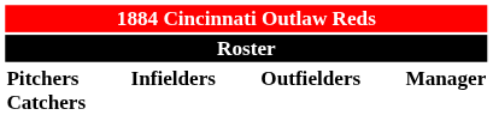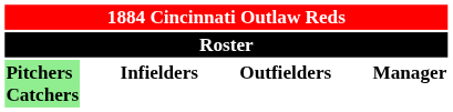 <table class="toccolours" style="font-size: 95%;">
 <tr>
 <th colspan="10" style="background-color: red; color: white; text-align: center;">1884 Cincinnati Outlaw Reds</th>
 </tr>
 <tr>
 <td colspan="10" style="background-color: black; color: white; text-align: center;"><strong>Roster</strong></td>
 </tr>
 <tr>
-<td valign="top"><strong>Pitchers</strong><br>  <strong>Catchers</strong>     </td>
+<td valign="top" style="background: lightgreen;"><strong>Pitchers</strong><br>  <strong>Catchers</strong>     </td>
 <td width="25px"></td>
 <td valign="top"><strong>Infielders</strong><br>         </td>
 <td width="25px"></td>
 <td valign="top"><strong>Outfielders</strong><br>     </td>
 <td width="25px"></td>
 <td valign="top"><strong>Manager</strong><br> </td>
 </tr>
 </table>
